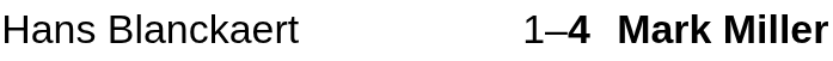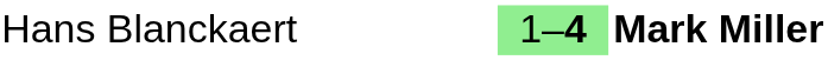 <table width="50%" cellspacing="1">
 <tr>
 <th width=45%></th>
 <th width=10%></th>
 <th width=45%></th>
 </tr>
 <tr>
 <td> Hans Blanckaert</td>
-<td align="center">1–<strong>4</strong></td>
+<td align="center" style="background: lightgreen;">1–<strong>4</strong></td>
 <td> <strong>Mark Miller</strong></td>
 </tr>
 </table>
